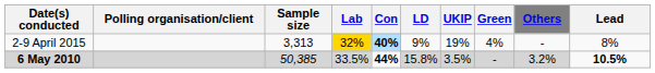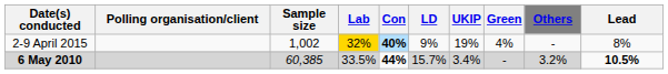 <table class="wikitable sortable" style="text-align:center;font-size:90%;line-height:14px">
 <tr>
 <th ! style="width:100px;">Date(s)<br>conducted</th>
 <th style="width:200px;">Polling organisation/client</th>
 <th class="unsortable" style="width:75px;">Sample size</th>
 <th class="unsortable" style="background:"><a href='#'><span>Lab</span></a></th>
 <th class="unsortable" style="background:"><a href='#'><span>Con</span></a></th>
 <th class="unsortable" style="background:"><a href='#'><span>LD</span></a></th>
 <th class="unsortable" style="background:"><a href='#'><span>UKIP</span></a></th>
 <th class="unsortable" style="background:"><a href='#'><span>Green</span></a></th>
 <th class="unsortable" style="background:gray; width:60px;"><a href='#'><span>Others</span></a></th>
 <th class="unsortable" style="width:90px;">Lead</th>
 </tr>
 <tr>
 <td>2-9 April 2015</td>
 <td> </td>
-<td>3,313</td>
+<td>1,002</td>
 <td style="background: gold;">32%</td>
 <td style="background:#B3E0FF"><strong>40%</strong></td>
 <td>9%</td>
 <td>19%</td>
 <td>4%</td>
 <td>-</td>
 <td style="background:">8%</td>
 </tr>
 <tr>
 <td style="background:#D5D5D5"><strong>6 May 2010</strong></td>
 <td style="background:#D5D5D5"></td>
-<td style="background:#D5D5D5"><em>50,385</em></td>
+<td style="background:#D5D5D5"><em>60,385</em></td>
 <td style="background:#D5D5D5">33.5%</td>
 <td style="background:"><strong>44%</strong></td>
-<td style="background:#D5D5D5">15.8%</td>
-<td style="background:#D5D5D5">3.5%</td>
+<td style="background:#D5D5D5">15.7%</td>
+<td style="background:#D5D5D5">3.4%</td>
 <td style="background:#D5D5D5">-</td>
 <td style="background:#D5D5D5">3.2%</td>
 <td style="background:"><strong>10.5% </strong></td>
 </tr>
 </table>
